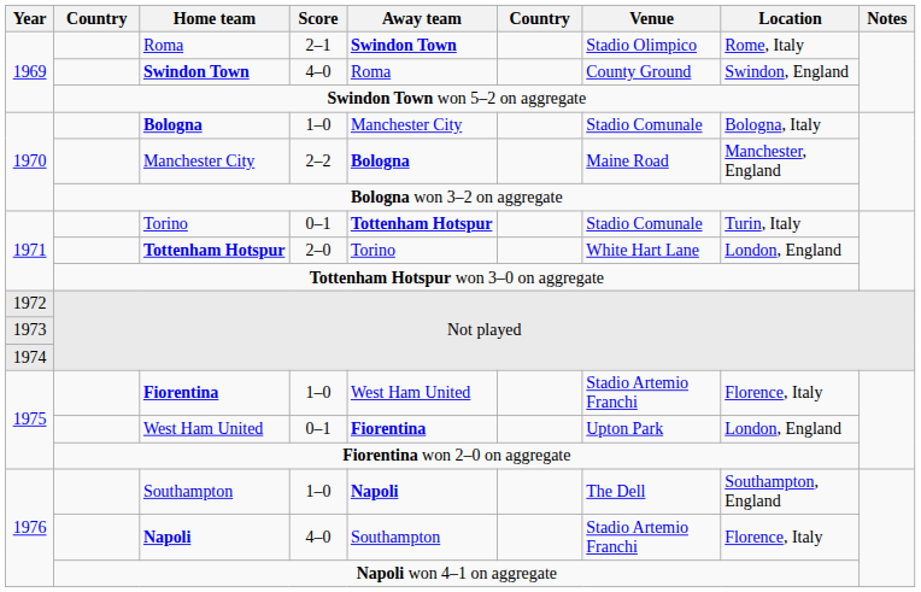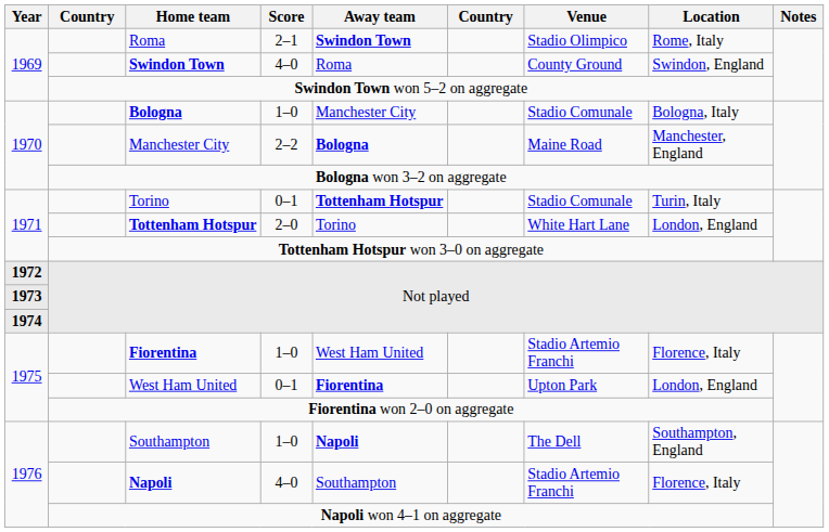 <table class="wikitable">
 <tr>
 <th width=3%>Year</th>
 <th width=7%>Country</th>
 <th width=13%>Home team</th>
 <th width=4%>Score</th>
 <th width=13%>Away team</th>
 <th width=7%>Country</th>
 <th width=12%>Venue</th>
 <th width=12%>Location</th>
 <th width=3% class="unsortable">Notes</th>
 </tr>
 <tr>
 <td rowspan=3 align=center><a href='#'>1969</a></td>
 <td></td>
 <td><a href='#'>Roma</a></td>
 <td align=center>2–1</td>
 <td><strong><a href='#'>Swindon Town</a></strong></td>
 <td></td>
 <td><a href='#'>Stadio Olimpico</a></td>
 <td><a href='#'>Rome</a>, Italy</td>
 <td rowspan=3 align=center></td>
 </tr>
 <tr>
 <td></td>
 <td><strong><a href='#'>Swindon Town</a></strong></td>
 <td align=center>4–0</td>
 <td><a href='#'>Roma</a></td>
 <td></td>
 <td><a href='#'>County Ground</a></td>
 <td><a href='#'>Swindon</a>, England</td>
 </tr>
 <tr>
 <td colspan=7 align=center><strong>Swindon Town</strong> won 5–2 on aggregate</td>
 </tr>
 <tr>
 <td rowspan=3 align=center><a href='#'>1970</a></td>
 <td></td>
 <td><strong><a href='#'>Bologna</a></strong></td>
 <td align=center>1–0</td>
 <td><a href='#'>Manchester City</a></td>
 <td></td>
 <td><a href='#'>Stadio Comunale</a></td>
 <td><a href='#'>Bologna</a>, Italy</td>
 <td rowspan=3 align=center></td>
 </tr>
 <tr>
 <td></td>
 <td><a href='#'>Manchester City</a></td>
 <td align=center>2–2</td>
 <td><strong><a href='#'>Bologna</a></strong></td>
 <td></td>
 <td><a href='#'>Maine Road</a></td>
 <td><a href='#'>Manchester</a>, England</td>
 </tr>
 <tr>
 <td colspan=7 align=center><strong>Bologna</strong> won 3–2 on aggregate</td>
 </tr>
 <tr>
 <td rowspan=3 align=center><a href='#'>1971</a></td>
 <td></td>
 <td><a href='#'>Torino</a></td>
 <td align=center>0–1</td>
 <td><strong><a href='#'>Tottenham Hotspur</a></strong></td>
 <td></td>
 <td><a href='#'>Stadio Comunale</a></td>
 <td><a href='#'>Turin</a>, Italy</td>
 <td rowspan=3 align=center></td>
 </tr>
 <tr>
 <td></td>
 <td><strong><a href='#'>Tottenham Hotspur</a></strong></td>
 <td align=center>2–0</td>
 <td><a href='#'>Torino</a></td>
 <td></td>
 <td><a href='#'>White Hart Lane</a></td>
 <td><a href='#'>London</a>, England</td>
 </tr>
 <tr>
 <td colspan=7 align=center><strong>Tottenham Hotspur</strong> won 3–0 on aggregate</td>
 </tr>
 <tr>
-<td align=center bgcolor=EAEAEA>1972</td>
+<td align=center bgcolor=EAEAEA><strong>1972</strong></td>
 <td rowspan=3 colspan=8 align=center bgcolor=EAEAEA>Not played</td>
 </tr>
 <tr>
-<td align=center bgcolor=EAEAEA>1973</td>
+<td align=center bgcolor=EAEAEA><strong>1973</strong></td>
 </tr>
 <tr>
-<td align=center bgcolor=EAEAEA>1974</td>
+<td align=center bgcolor=EAEAEA><strong>1974</strong></td>
 </tr>
 <tr>
 <td rowspan=3 align=center><a href='#'>1975</a></td>
 <td></td>
 <td><strong><a href='#'>Fiorentina</a></strong></td>
 <td align=center>1–0</td>
 <td><a href='#'>West Ham United</a></td>
 <td></td>
 <td><a href='#'>Stadio Artemio Franchi</a></td>
 <td><a href='#'>Florence</a>, Italy</td>
 <td rowspan=3 align=center></td>
 </tr>
 <tr>
 <td></td>
 <td><a href='#'>West Ham United</a></td>
 <td align=center>0–1</td>
 <td><strong><a href='#'>Fiorentina</a></strong></td>
 <td></td>
 <td><a href='#'>Upton Park</a></td>
 <td><a href='#'>London</a>, England</td>
 </tr>
 <tr>
 <td colspan=7 align=center><strong>Fiorentina</strong> won 2–0 on aggregate</td>
 </tr>
 <tr>
 <td rowspan=3 align=center><a href='#'>1976</a></td>
 <td></td>
 <td><a href='#'>Southampton</a></td>
 <td align=center>1–0</td>
 <td><strong><a href='#'>Napoli</a></strong></td>
 <td></td>
 <td><a href='#'>The Dell</a></td>
 <td><a href='#'>Southampton</a>, England</td>
 <td rowspan=3 align=center></td>
 </tr>
 <tr>
 <td></td>
 <td><strong><a href='#'>Napoli</a></strong></td>
 <td align=center>4–0</td>
 <td><a href='#'>Southampton</a></td>
 <td></td>
 <td><a href='#'>Stadio Artemio Franchi</a></td>
 <td><a href='#'>Florence</a>, Italy</td>
 </tr>
 <tr>
 <td colspan=7 align=center><strong>Napoli</strong> won 4–1 on aggregate</td>
 </tr>
 </table>
